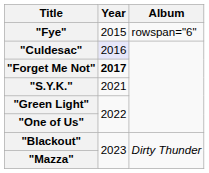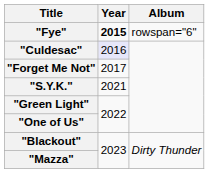 <table class="wikitable plainrowheaders">
 <tr>
 <th scope="col">Title</th>
 <th scope="col">Year</th>
 <th scope="col">Album</th>
 </tr>
 <tr>
 <th scope="row">"Fye"</th>
-<td>2015</td>
+<td><strong>2015</strong></td>
 <td>rowspan="6" </td>
 </tr>
 <tr>
 <th scope="row">"Culdesac"</th>
 <td style="background: lavender;">2016</td>
 </tr>
 <tr>
 <th scope="row">"Forget Me Not"</th>
-<td><strong>2017</strong></td>
+<td>2017</td>
 </tr>
 <tr>
 <th scope="row">"S.Y.K."<br></th>
 <td>2021</td>
 </tr>
 <tr>
 <th scope="row">"Green Light"</th>
 <td rowspan="2">2022</td>
 </tr>
 <tr>
 <th scope="row">"One of Us"</th>
 </tr>
 <tr>
 <th scope="row">"Blackout"</th>
 <td rowspan="2">2023</td>
 <td rowspan="2"><em>Dirty Thunder</em></td>
 </tr>
 <tr>
 <th scope="row">"Mazza"<br></th>
 </tr>
 </table>
